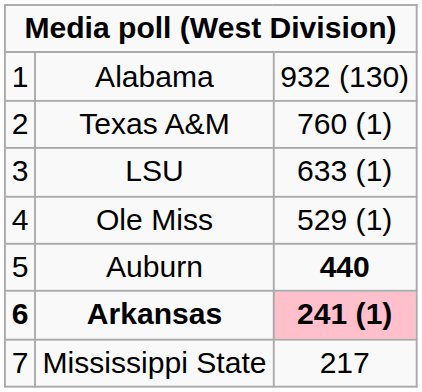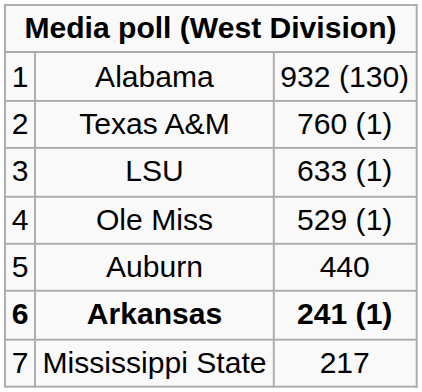 <table class="wikitable" style="display: inline-table;">
 <tr>
 <td align="center" Colspan="3"><strong>Media poll (West Division)</strong></td>
 </tr>
 <tr align="center">
 </tr>
 <tr align="center">
 <td>1</td>
 <td>Alabama</td>
 <td>932 (130)</td>
 </tr>
 <tr align="center">
 <td>2</td>
 <td>Texas A&M</td>
 <td>760 (1)</td>
 </tr>
 <tr align="center">
 <td>3</td>
 <td>LSU</td>
 <td>633 (1)</td>
 </tr>
 <tr align="center">
 <td>4</td>
 <td>Ole Miss</td>
 <td>529 (1)</td>
 </tr>
 <tr align="center">
 <td>5</td>
 <td>Auburn</td>
-<td><strong>440</strong></td>
+<td>440</td>
 </tr>
 <tr align="center">
 <td><strong>6</strong></td>
 <td><strong>Arkansas</strong></td>
-<td style="background: pink;"><strong>241 (1)</strong></td>
+<td><strong>241 (1)</strong></td>
 </tr>
 <tr align="center">
 <td>7</td>
 <td>Mississippi State</td>
 <td>217</td>
 </tr>
 </table>
